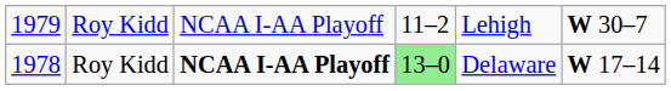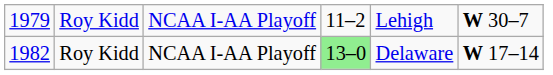 <table class="wikitable">
 <tr>
 <td><a href='#'>1979</a></td>
 <td><a href='#'>Roy Kidd</a></td>
 <td><a href='#'>NCAA I-AA Playoff</a></td>
 <td>11–2</td>
 <td><a href='#'>Lehigh</a></td>
 <td><strong>W</strong> 30–7</td>
 </tr>
 <tr>
-<td><a href='#'>1978</a></td>
+<td><a href='#'>1982</a></td>
 <td>Roy Kidd</td>
-<td><strong>NCAA I-AA Playoff</strong></td>
+<td>NCAA I-AA Playoff</td>
 <td style="background: lightgreen;">13–0</td>
 <td><a href='#'>Delaware</a></td>
 <td><strong>W</strong> 17–14</td>
 </tr>
 </table>
